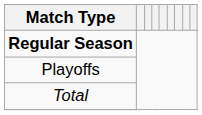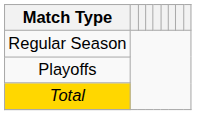 <table class="wikitable" style="text-align:center;">
 <tr>
 <th>Match Type</th>
 <th></th>
 <th></th>
 <th></th>
 <th></th>
 <th></th>
 <th></th>
 <th></th>
 <th></th>
 </tr>
 <tr>
-<td><strong>Regular Season<br></strong></td>
+<td>Regular Season<br></td>
 </tr>
 <tr>
 <td>Playoffs<br></td>
 </tr>
 <tr>
-<td><em>Total</em><br></td>
+<td style="background: gold;"><em>Total</em><br></td>
 </tr>
 <tr>
 </tr>
 </table>
